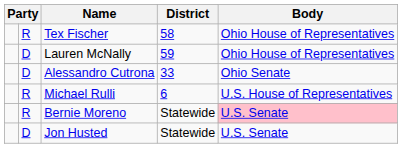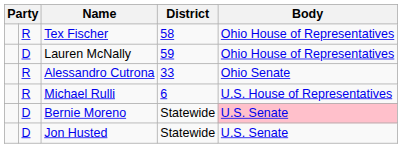 <table class=wikitable>
 <tr>
 <th colspan="2" style="text-align:center; vertical-align:bottom;">Party</th>
 <th style="text-align:center;">Name</th>
 <th valign=bottom>District</th>
 <th valign=bottom>Body</th>
 </tr>
 <tr>
 <td style="background-color:"> </td>
 <td><a href='#'>R</a></td>
 <td><a href='#'>Tex Fischer</a></td>
 <td><a href='#'>58</a></td>
 <td><a href='#'>Ohio House of Representatives</a></td>
 </tr>
 <tr>
 <td style="background-color:"> </td>
 <td><a href='#'>D</a></td>
 <td>Lauren McNally</td>
 <td><a href='#'>59</a></td>
 <td><a href='#'>Ohio House of Representatives</a></td>
 </tr>
 <tr>
 <td style="background-color:"> </td>
-<td><a href='#'>D</a></td>
+<td><a href='#'>R</a></td>
 <td><a href='#'>Alessandro Cutrona</a></td>
 <td><a href='#'>33</a></td>
 <td><a href='#'>Ohio Senate</a></td>
 </tr>
 <tr>
 <td style="background-color:"> </td>
 <td><a href='#'>R</a></td>
 <td><a href='#'>Michael Rulli</a></td>
 <td><a href='#'>6</a></td>
 <td><a href='#'>U.S. House of Representatives</a></td>
 </tr>
 <tr>
 <td style="background-color:"> </td>
-<td><a href='#'>R</a></td>
+<td><a href='#'>D</a></td>
 <td><a href='#'>Bernie Moreno</a></td>
 <td>Statewide</td>
 <td style="background: pink;"><a href='#'>U.S. Senate</a></td>
 </tr>
 <tr>
 <td style="background-color:"> </td>
 <td><a href='#'>D</a></td>
 <td><a href='#'>Jon Husted</a></td>
 <td>Statewide</td>
 <td><a href='#'>U.S. Senate</a></td>
 </tr>
 </table>
